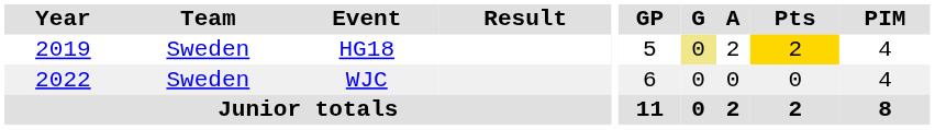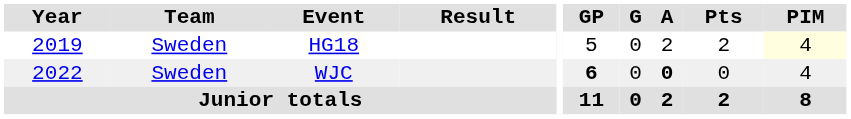 <table border="0" cellpadding="1" cellspacing="0" ID="Table3" style="text-align:center; width:40em;">
 <tr bgcolor="#e0e0e0">
 <th>Year</th>
 <th>Team</th>
 <th>Event</th>
 <th>Result</th>
 <th rowspan="99" bgcolor="#ffffff"></th>
 <th>GP</th>
 <th>G</th>
 <th>A</th>
 <th>Pts</th>
 <th>PIM</th>
 </tr>
 <tr>
 <td><a href='#'>2019</a></td>
 <td><a href='#'>Sweden</a></td>
 <td><a href='#'>HG18</a></td>
 <td></td>
 <td>5</td>
-<td style="background: khaki;">0</td>
+<td>0</td>
 <td>2</td>
-<td style="background: gold;">2</td>
-<td>4</td>
+<td>2</td>
+<td style="background: lightyellow;">4</td>
 </tr>
 <tr bgcolor="#f0f0f0">
 <td><a href='#'>2022</a></td>
 <td><a href='#'>Sweden</a></td>
 <td><a href='#'>WJC</a></td>
 <td></td>
-<td>6</td>
+<td><strong>6</strong></td>
 <td>0</td>
-<td>0</td>
+<td><strong>0</strong></td>
 <td>0</td>
 <td>4</td>
 </tr>
 <tr bgcolor="#e0e0e0">
 <th colspan="4">Junior totals</th>
 <th>11</th>
 <th>0</th>
 <th>2</th>
 <th>2</th>
 <th>8</th>
 </tr>
 </table>
